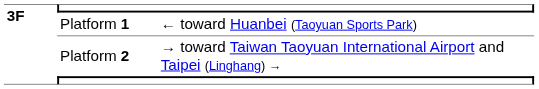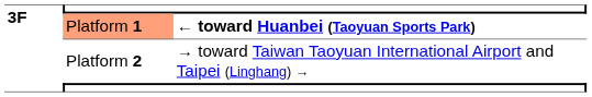 <table border=0 cellspacing=0 cellpadding=3>
 <tr>
 <td style="border-top:solid 1px gray;border-bottom:solid 1px gray;" width=50 rowspan=10 valign=top><strong>3F</strong></td>
 </tr>
 <tr>
 <td style="border-right:solid 2px black;border-left:solid 2px black;border-bottom:solid 2px black;border-top:solid 1px gray;" colspan=2></td>
 </tr>
 <tr>
-<td style="border-bottom:solid 1px gray;" width=100>Platform <span><strong>1</strong></span></td>
-<td style="border-bottom:solid 1px gray;" width=390>←  toward <a href='#'>Huanbei</a> <small>(<a href='#'>Taoyuan Sports Park</a>)</small></td>
+<td style="background: lightsalmon; border-bottom:solid 1px gray;" width=100>Platform <span><strong>1</strong></span></td>
+<td style="border-bottom:solid 1px gray;" width=390><strong>←  toward <a href='#'>Huanbei</a> <small>(<a href='#'>Taoyuan Sports Park</a>)</small></strong></td>
 </tr>
 <tr>
 <td>Platform <span><strong>2</strong></span></td>
 <td><span>→</span>  toward <a href='#'>Taiwan Taoyuan International Airport</a> and <a href='#'>Taipei</a> <small>(<a href='#'>Linghang</a>) →</small></td>
 </tr>
 <tr>
 <td style="border-top:solid 2px black;border-right:solid 2px black;border-left:solid 2px black;border-bottom:solid 1px gray;" colspan=2></td>
 </tr>
 </table>
